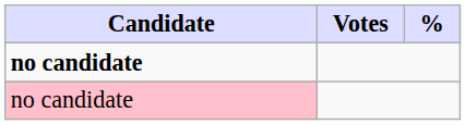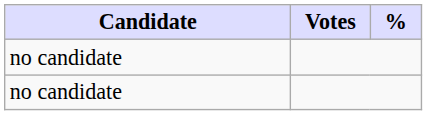 <table class="wikitable">
 <tr>
 <th style="background:#ddf; width:200px;">Candidate</th>
 <th style="background:#ddf; width:50px;">Votes</th>
 <th style="background:#ddf; width:30px;">%</th>
 </tr>
 <tr>
-<td><strong>no candidate</strong></td>
+<td>no candidate</td>
 <td colspan="2"></td>
 </tr>
 <tr>
-<td style="background: pink;">no candidate</td>
+<td>no candidate</td>
 <td colspan="2"></td>
 </tr>
 </table>
